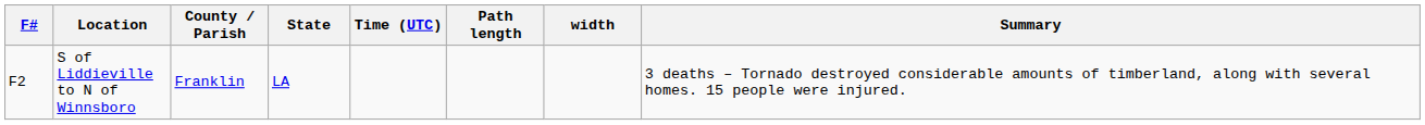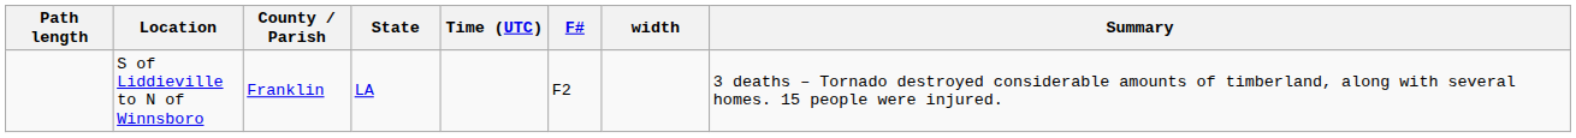 <table class="wikitable sortable" style="width:100%;">
 <tr>
-<th scope="col"  style="width:3%; text-align:center;"><a href='#'>F#</a></th>
+<th scope="col"  style="width:6%; text-align:center;">Path length</th>
 <th scope="col"  style="width:7%; text-align:center;" class="unsortable">Location</th>
 <th scope="col"  style="width:6%; text-align:center;" class="unsortable">County / Parish</th>
 <th scope="col"  style="width:5%; text-align:center;">State</th>
 <th scope="col"  style="width:6%; text-align:center;">Time (<a href='#'>UTC</a>)</th>
-<th scope="col"  style="width:6%; text-align:center;">Path length</th>
+<th scope="col"  style="width:3%; text-align:center;"><a href='#'>F#</a></th>
 <th scope="col"  style="width:6%; text-align:center;"> width</th>
 <th scope="col" class="unsortable" style="width:48%; text-align:center;">Summary</th>
 </tr>
 <tr>
-<td>F2</td>
+<td></td>
 <td>S of <a href='#'>Liddieville</a> to N of <a href='#'>Winnsboro</a></td>
 <td><a href='#'>Franklin</a></td>
 <td><a href='#'>LA</a></td>
 <td></td>
-<td></td>
+<td>F2</td>
 <td></td>
 <td>3 deaths – Tornado destroyed considerable amounts of timberland, along with several homes. 15 people were injured.</td>
 </tr>
 </table>
